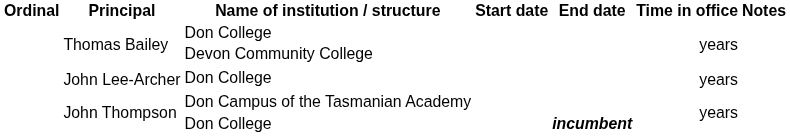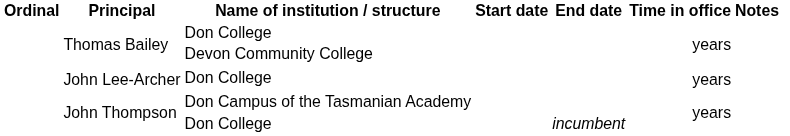 <table>
 <tr>
 <th>Ordinal</th>
 <th>Principal</th>
 <th>Name of institution / structure</th>
 <th>Start date</th>
 <th>End date</th>
 <th>Time in office</th>
 <th>Notes</th>
 </tr>
 <tr>
 <td align=center rowspan=3></td>
 <td rowspan=3>Thomas Bailey</td>
 <td>Don College</td>
 <td align=center></td>
 <td align=center></td>
 <td align=right rowspan=3> years</td>
 <td rowspan=3></td>
 </tr>
 <tr>
 <td>Devon Community College</td>
 <td align=center></td>
 <td align=center></td>
 </tr>
 <tr>
 <td rowspan=2>Don College</td>
 <td align=center></td>
 <td align=center></td>
 </tr>
 <tr>
 <td align=center></td>
 <td>John Lee-Archer</td>
 <td align=center></td>
 <td align=center></td>
 <td align=right> years</td>
 <td></td>
 </tr>
 <tr>
 <td align=center rowspan=2></td>
 <td rowspan=2>John Thompson</td>
 <td>Don Campus of the Tasmanian Academy</td>
 <td align=center></td>
 <td align=center></td>
 <td align=right rowspan=2> years</td>
 <td rowspan=2></td>
 </tr>
 <tr>
 <td>Don College</td>
 <td align=center></td>
-<td align=center><strong><em>incumbent</em></strong></td>
+<td align=center><em>incumbent</em></td>
 </tr>
 </table>
